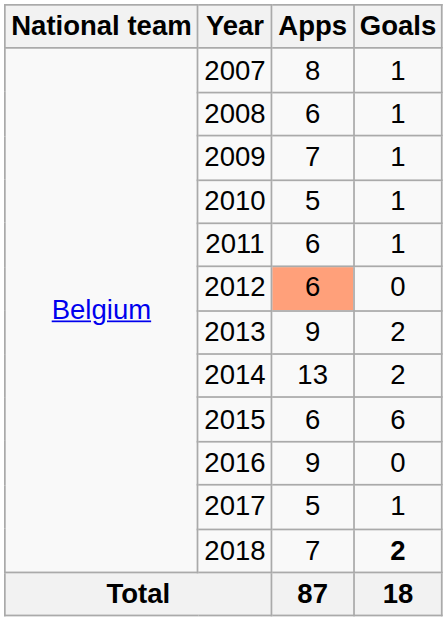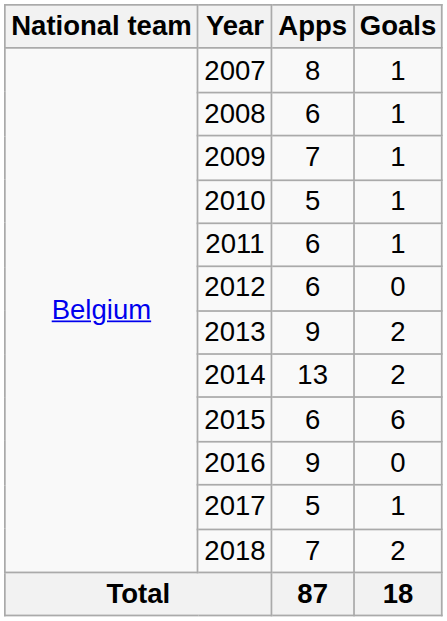 <table class="wikitable" style="text-align: center;">
 <tr>
 <th>National team</th>
 <th>Year</th>
 <th>Apps</th>
 <th>Goals</th>
 </tr>
 <tr>
 <td rowspan="12"><a href='#'>Belgium</a></td>
 <td>2007</td>
 <td>8</td>
 <td>1</td>
 </tr>
 <tr>
 <td>2008</td>
 <td>6</td>
 <td>1</td>
 </tr>
 <tr>
 <td>2009</td>
 <td>7</td>
 <td>1</td>
 </tr>
 <tr>
 <td>2010</td>
 <td>5</td>
 <td>1</td>
 </tr>
 <tr>
 <td>2011</td>
 <td>6</td>
 <td>1</td>
 </tr>
 <tr>
 <td>2012</td>
-<td style="background: lightsalmon;">6</td>
+<td>6</td>
 <td>0</td>
 </tr>
 <tr>
 <td>2013</td>
 <td>9</td>
 <td>2</td>
 </tr>
 <tr>
 <td>2014</td>
 <td>13</td>
 <td>2</td>
 </tr>
 <tr>
 <td>2015</td>
 <td>6</td>
 <td>6</td>
 </tr>
 <tr>
 <td>2016</td>
 <td>9</td>
 <td>0</td>
 </tr>
 <tr>
 <td>2017</td>
 <td>5</td>
 <td>1</td>
 </tr>
 <tr>
 <td>2018</td>
 <td>7</td>
-<td><strong>2</strong></td>
+<td>2</td>
 </tr>
 <tr>
 <th colspan="2">Total</th>
 <th>87</th>
 <th>18</th>
 </tr>
 </table>
